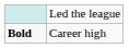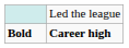 <table class="wikitable mw-collapsible mw-collapsed">
 <tr>
 <td style="background:#cfecec;width:3em"></td>
 <td>Led the league</td>
 </tr>
 <tr>
 <td><strong>Bold</strong></td>
-<td>Career high</td>
+<td><strong>Career high</strong></td>
 </tr>
 </table>
